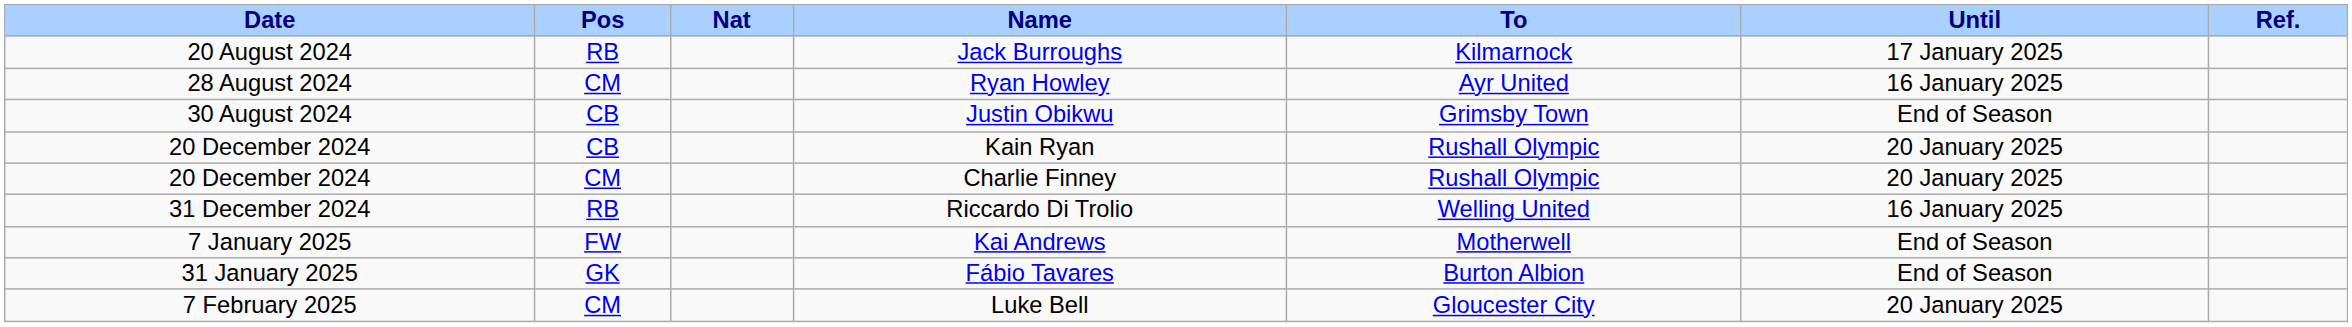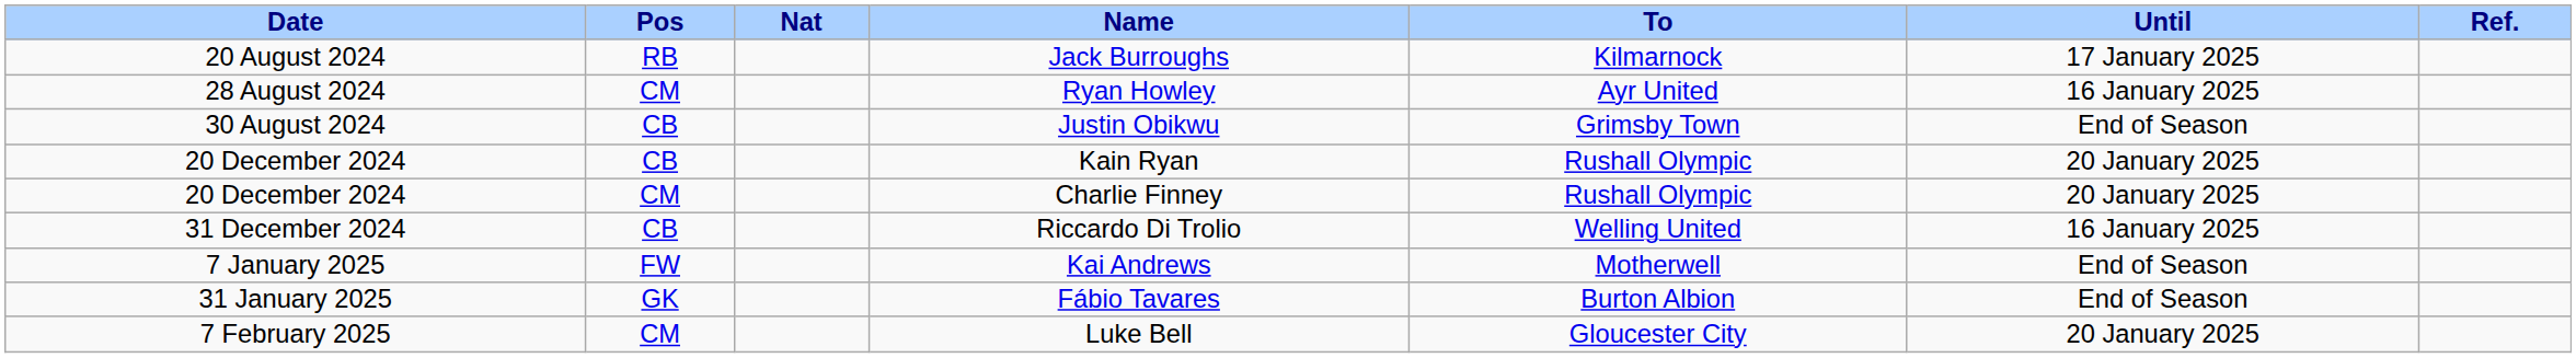 <table class="wikitable sortable alternance" style="font-size:100%; text-align:center; line-height:14px; width:100%;">
 <tr>
 <th style="background:#AAD0FF; color:#000080; ">Date</th>
 <th style="background:#AAD0FF; color:#000080; ">Pos</th>
 <th style="background:#AAD0FF; color:#000080; ">Nat</th>
 <th style="background:#AAD0FF; color:#000080; ">Name</th>
 <th style="background:#AAD0FF; color:#000080; ">To</th>
 <th style="background:#AAD0FF; color:#000080; ">Until</th>
 <th style="background:#AAD0FF; color:#000080; ">Ref.</th>
 </tr>
 <tr>
 <td>20 August 2024</td>
 <td><a href='#'>RB</a></td>
 <td></td>
 <td><a href='#'>Jack Burroughs</a></td>
 <td> <a href='#'>Kilmarnock</a></td>
 <td>17 January 2025</td>
 <td></td>
 </tr>
 <tr>
 <td>28 August 2024</td>
 <td><a href='#'>CM</a></td>
 <td></td>
 <td><a href='#'>Ryan Howley</a></td>
 <td> <a href='#'>Ayr United</a></td>
 <td>16 January 2025</td>
 <td></td>
 </tr>
 <tr>
 <td>30 August 2024</td>
 <td><a href='#'>CB</a></td>
 <td></td>
 <td><a href='#'>Justin Obikwu</a></td>
 <td> <a href='#'>Grimsby Town</a></td>
 <td>End of Season</td>
 <td></td>
 </tr>
 <tr>
 <td>20 December 2024</td>
 <td><a href='#'>CB</a></td>
 <td></td>
 <td>Kain Ryan</td>
 <td> <a href='#'>Rushall Olympic</a></td>
 <td>20 January 2025</td>
 <td></td>
 </tr>
 <tr>
 <td>20 December 2024</td>
 <td><a href='#'>CM</a></td>
 <td></td>
 <td>Charlie Finney</td>
 <td> <a href='#'>Rushall Olympic</a></td>
 <td>20 January 2025</td>
 <td></td>
 </tr>
 <tr>
 <td>31 December 2024</td>
-<td><a href='#'>RB</a></td>
+<td><a href='#'>CB</a></td>
 <td></td>
 <td>Riccardo Di Trolio</td>
 <td> <a href='#'>Welling United</a></td>
 <td>16 January 2025</td>
 <td></td>
 </tr>
 <tr>
 <td>7 January 2025</td>
 <td><a href='#'>FW</a></td>
 <td></td>
 <td><a href='#'>Kai Andrews</a></td>
 <td> <a href='#'>Motherwell</a></td>
 <td>End of Season</td>
 <td></td>
 </tr>
 <tr>
 <td>31 January 2025</td>
 <td><a href='#'>GK</a></td>
 <td></td>
 <td><a href='#'>Fábio Tavares</a></td>
 <td> <a href='#'>Burton Albion</a></td>
 <td>End of Season</td>
 <td></td>
 </tr>
 <tr>
 <td>7 February 2025</td>
 <td><a href='#'>CM</a></td>
 <td></td>
 <td>Luke Bell</td>
 <td> <a href='#'>Gloucester City</a></td>
 <td>20 January 2025</td>
 <td></td>
 </tr>
 </table>
